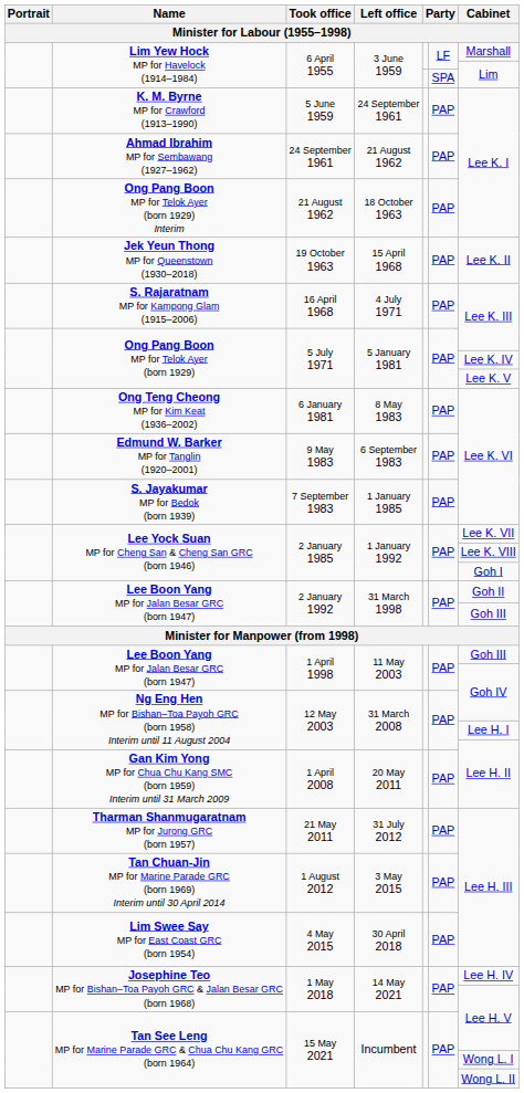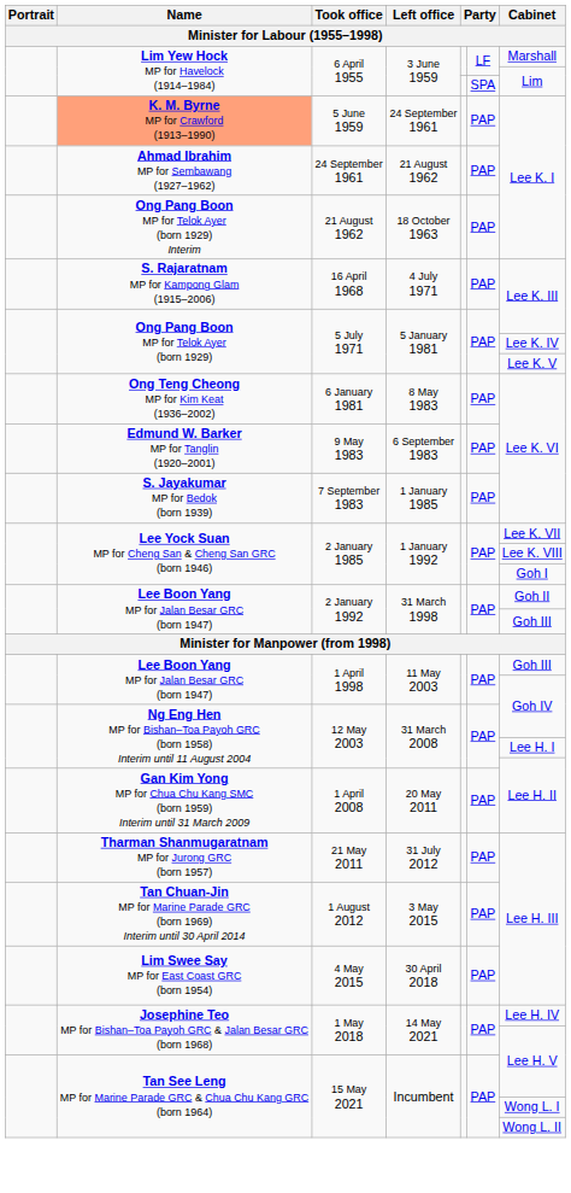 <table class="wikitable" style="text-align:center; border:1px #aaf solid;">
 <tr>
 <th>Portrait</th>
 <th>Name<br></th>
 <th width="85">Took office</th>
 <th width="85">Left office</th>
 <th colspan="2">Party</th>
 <th>Cabinet</th>
 </tr>
 <tr>
 <th colspan="7">Minister for Labour (1955–1998)</th>
 </tr>
 <tr>
 <td rowspan="3"></td>
 <td rowspan="3"><strong><a href='#'>Lim Yew Hock</a></strong><br><small>MP for <a href='#'>Havelock</a></small><br><small>(1914–1984)</small></td>
 <td rowspan="3"><small>6 April</small><br>1955</td>
 <td rowspan="3"><small>3 June</small><br>1959</td>
 <td rowspan="2" style="background:"></td>
 <td rowspan="2"><a href='#'>LF</a></td>
 <td><a href='#'>Marshall</a></td>
 </tr>
 <tr>
 <td rowspan="2"><a href='#'>Lim</a></td>
 </tr>
 <tr>
 <td style="background:"></td>
 <td><a href='#'>SPA</a></td>
 </tr>
 <tr>
 <td></td>
-<td><strong><a href='#'>K. M. Byrne</a></strong><br><small>MP for <a href='#'>Crawford</a></small><br><small>(1913–1990)</small></td>
+<td style="background: lightsalmon;"><strong><a href='#'>K. M. Byrne</a></strong><br><small>MP for <a href='#'>Crawford</a></small><br><small>(1913–1990)</small></td>
 <td><small>5 June</small><br>1959</td>
 <td><small>24 September</small><br>1961</td>
 <td style="background:"></td>
 <td><a href='#'>PAP</a></td>
 <td rowspan="3"><a href='#'>Lee K. I</a></td>
 </tr>
 <tr>
 <td></td>
 <td><a href='#'><strong>Ahmad Ibrahim</strong></a><br><small>MP for <a href='#'>Sembawang</a></small><br><small>(1927–1962)</small></td>
 <td><small>24 September</small><br>1961</td>
 <td><small>21 August</small><br>1962</td>
 <td style="background:"></td>
 <td><a href='#'>PAP</a></td>
 </tr>
 <tr style="height:30px;">
 <td></td>
 <td><strong><a href='#'>Ong Pang Boon</a></strong><br><small>MP for <a href='#'>Telok Ayer</a></small><br><small>(born 1929)</small><br><small><em>Interim</em></small></td>
 <td><small>21 August</small><br>1962</td>
 <td><small>18 October</small><br>1963</td>
 <td style="background:"></td>
 <td><a href='#'>PAP</a></td>
-</tr>
-<tr>
-<td></td>
-<td><strong><a href='#'>Jek Yeun Thong</a></strong><br><small>MP for <a href='#'>Queenstown</a></small><br><small>(1930–2018)</small></td>
-<td><small>19 October</small><br>1963</td>
-<td><small>15 April</small><br>1968</td>
-<td style="background:"></td>
-<td><a href='#'>PAP</a></td>
-<td><a href='#'>Lee K. II</a></td>
 </tr>
 <tr>
 <td></td>
 <td><strong><a href='#'>S. Rajaratnam</a></strong><br><small>MP for <a href='#'>Kampong Glam</a></small><br><small>(1915–2006)</small></td>
 <td><small>16 April</small><br>1968</td>
 <td><small>4 July</small><br>1971</td>
 <td style="background:"></td>
 <td><a href='#'>PAP</a></td>
 <td rowspan="2"><a href='#'>Lee K. III</a></td>
 </tr>
 <tr style="height:30px;">
 <td rowspan="3"></td>
 <td rowspan="3"><strong><a href='#'>Ong Pang Boon</a></strong><br><small>MP for <a href='#'>Telok Ayer</a></small><br><small>(born 1929)</small></td>
 <td rowspan="3"><small>5 July</small><br>1971</td>
 <td rowspan="3"><small>5 January</small><br>1981</td>
 <td rowspan="3" style="background:"></td>
 <td rowspan="3"><a href='#'>PAP</a></td>
 </tr>
 <tr>
 <td><a href='#'>Lee K. IV</a></td>
 </tr>
 <tr>
 <td><a href='#'>Lee K. V</a></td>
 </tr>
 <tr>
 <td></td>
 <td><strong><a href='#'>Ong Teng Cheong</a></strong><br><small>MP for <a href='#'>Kim Keat</a></small><br><small>(1936–2002)</small></td>
 <td><small>6 January</small><br>1981</td>
 <td><small>8 May</small><br>1983</td>
 <td style="background:"></td>
 <td><a href='#'>PAP</a></td>
 <td rowspan="3"><a href='#'>Lee K. VI</a></td>
 </tr>
 <tr>
 <td></td>
 <td><strong><a href='#'>Edmund W. Barker</a></strong><br><small>MP for <a href='#'>Tanglin</a></small><br><small>(1920–2001)</small></td>
 <td><small>9 May</small><br>1983</td>
 <td><small>6 September</small><br>1983</td>
 <td style="background:"></td>
 <td><a href='#'>PAP</a></td>
 </tr>
 <tr>
 <td></td>
 <td><a href='#'><strong>S. Jayakumar</strong></a><br><small>MP for <a href='#'>Bedok</a></small><br><small>(born 1939)</small></td>
 <td><small>7 September</small><br>1983</td>
 <td><small>1 January</small><br>1985</td>
 <td style="background:"></td>
 <td><a href='#'>PAP</a></td>
 </tr>
 <tr>
 <td rowspan="4"></td>
 <td rowspan="4"><strong><a href='#'>Lee Yock Suan</a></strong><br><small>MP for <a href='#'>Cheng San</a> & <a href='#'>Cheng San GRC</a></small><br><small> (born 1946)</small></td>
 <td rowspan="4"><small>2 January</small><br>1985</td>
 <td rowspan="4"><small>1 January</small><br>1992</td>
 <td rowspan="4" style="background:"></td>
 <td rowspan="4"><a href='#'>PAP</a></td>
 <td><a href='#'>Lee K. VII</a></td>
 </tr>
 <tr>
 <td><a href='#'>Lee K. VIII</a></td>
 </tr>
 <tr>
 <td><a href='#'>Goh I</a></td>
 </tr>
 <tr>
 <td rowspan="2"><a href='#'>Goh II</a></td>
 </tr>
 <tr style="height:30px;">
 <td rowspan="2"></td>
 <td rowspan="2"><strong><a href='#'>Lee Boon Yang</a></strong><br><small>MP for <a href='#'>Jalan Besar GRC</a></small><br><small>(born 1947)</small></td>
 <td rowspan="2"><small>2 January</small><br>1992</td>
 <td rowspan="2"><small>31 March</small><br>1998</td>
 <td rowspan="2" style="background:"></td>
 <td rowspan="2"><a href='#'>PAP</a></td>
 </tr>
 <tr>
 <td><a href='#'>Goh III</a></td>
 </tr>
 <tr>
 <th colspan="7">Minister for Manpower (from 1998)</th>
 </tr>
 <tr>
 <td rowspan="2"></td>
 <td rowspan="2"><strong><a href='#'>Lee Boon Yang</a></strong><br><small>MP for <a href='#'>Jalan Besar GRC</a></small><br><small>(born 1947)</small></td>
 <td rowspan="2"><small>1 April</small><br>1998</td>
 <td rowspan="2"><small>11 May</small><br>2003</td>
 <td rowspan="2" style="background:"></td>
 <td rowspan="2"><a href='#'>PAP</a></td>
 <td><a href='#'>Goh III</a></td>
 </tr>
 <tr>
 <td rowspan="2"><a href='#'>Goh IV</a></td>
 </tr>
 <tr style="height:41px;">
 <td rowspan="3"></td>
 <td rowspan="3"><strong><a href='#'>Ng Eng Hen</a></strong><br><small>MP for <a href='#'>Bishan–Toa Payoh GRC</a></small><br><small>(born 1958)</small><br><small><em>Interim until 11 August 2004</em></small></td>
 <td rowspan="3"><small>12 May</small><br>2003</td>
 <td rowspan="3"><small>31 March</small><br>2008</td>
 <td rowspan="3" style="background:"></td>
 <td rowspan="3"><a href='#'>PAP</a></td>
 </tr>
 <tr>
 <td><a href='#'>Lee H. I</a></td>
 </tr>
 <tr>
 <td rowspan="2"><a href='#'>Lee H. II</a></td>
 </tr>
 <tr>
 <td></td>
 <td><strong><a href='#'>Gan Kim Yong</a></strong><br><small>MP for <a href='#'>Chua Chu Kang SMC</a></small><br><small>(born 1959)</small><br><small><em>Interim until 31 March 2009</em></small></td>
 <td><small>1 April</small><br>2008</td>
 <td><small>20 May</small><br>2011</td>
 <td style="background:"></td>
 <td><a href='#'>PAP</a></td>
 </tr>
 <tr>
 <td></td>
 <td><strong><a href='#'>Tharman Shanmugaratnam</a></strong><br><small>MP for <a href='#'>Jurong GRC</a></small><br><small>(born 1957)</small></td>
 <td><small>21 May</small><br>2011</td>
 <td><small>31 July</small><br>2012</td>
 <td style="background:"></td>
 <td><a href='#'>PAP</a></td>
 <td rowspan="3"><a href='#'>Lee H. III</a></td>
 </tr>
 <tr>
 <td></td>
 <td><strong><a href='#'>Tan Chuan-Jin</a></strong><br><small>MP for <a href='#'>Marine Parade GRC</a></small><br><small>(born 1969)</small><br><small><em>Interim until 30 April 2014</em></small></td>
 <td><small>1 August</small><br>2012</td>
 <td><small>3 May</small><br>2015</td>
 <td style="background:"></td>
 <td><a href='#'>PAP</a></td>
 </tr>
 <tr style="height:73px;">
 <td rowspan="2"></td>
 <td rowspan="2"><strong><a href='#'>Lim Swee Say</a></strong><br><small>MP for <a href='#'>East Coast GRC</a></small><br><small>(born 1954)</small></td>
 <td rowspan="2"><small>4 May</small><br>2015</td>
 <td rowspan="2"><small>30 April</small><br>2018</td>
 <td rowspan="2" style="background:"></td>
 <td rowspan="2"><a href='#'>PAP</a></td>
 </tr>
 <tr>
 <td rowspan="2"><a href='#'>Lee H. IV</a></td>
 </tr>
 <tr>
 <td rowspan="2"></td>
 <td rowspan="2"><strong><a href='#'>Josephine Teo</a></strong><br><small>MP for <a href='#'>Bishan–Toa Payoh GRC</a> & <a href='#'>Jalan Besar GRC</a></small><br><small>(born 1968)</small></td>
 <td rowspan="2"><small>1 May</small><br>2018</td>
 <td rowspan="2"><small>14 May</small><br>2021</td>
 <td rowspan="2" style="background:"></td>
 <td rowspan="2"><a href='#'>PAP</a></td>
 </tr>
 <tr>
 <td rowspan="2"><a href='#'>Lee H. V</a></td>
 </tr>
 <tr style="height:52px;">
 <td rowspan="3"></td>
 <td rowspan="3"><strong><a href='#'>Tan See Leng</a></strong><br><small>MP for <a href='#'>Marine Parade GRC</a> & <a href='#'>Chua Chu Kang GRC</a></small><br><small>(born 1964)</small></td>
 <td rowspan="3"><small>15 May</small><br>2021</td>
 <td rowspan="3">Incumbent</td>
 <td rowspan="3" style="background:"></td>
 <td rowspan="3"><a href='#'>PAP</a></td>
 </tr>
 <tr>
 <td><a href='#'>Wong L. I</a></td>
 </tr>
 <tr>
 <td><a href='#'>Wong L. II</a></td>
 </tr>
 </table>
